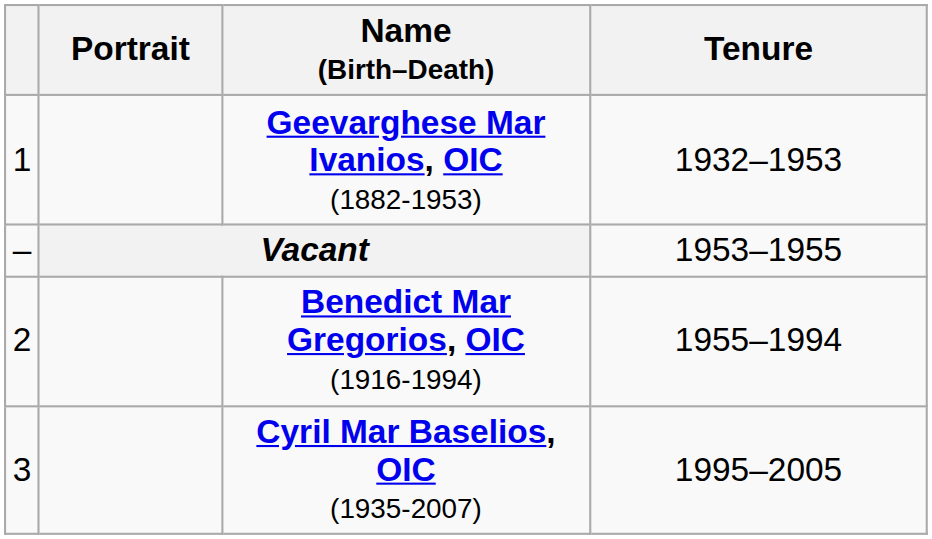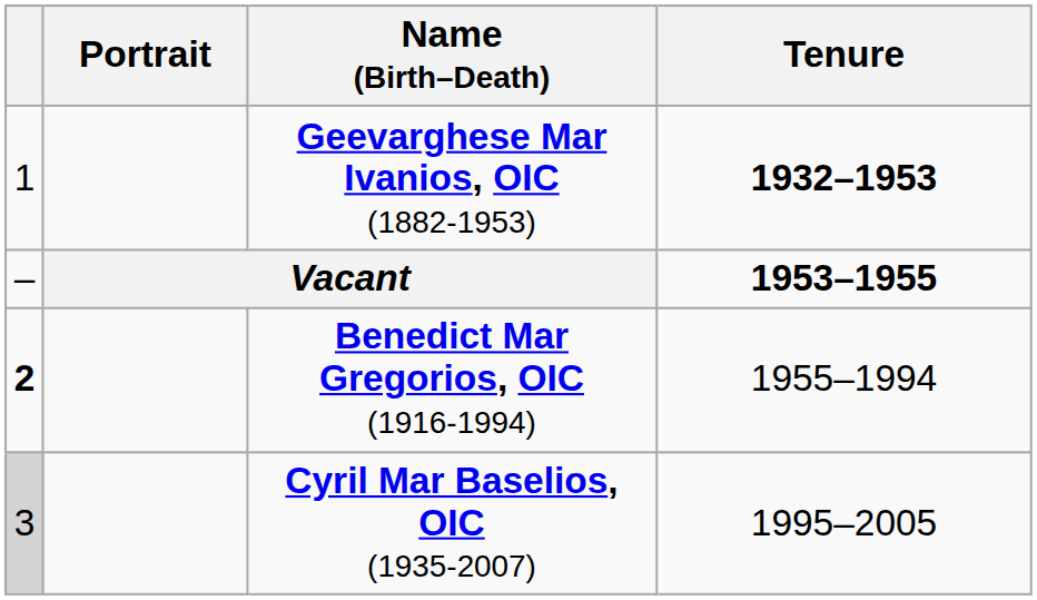 <table class="wikitable" style="text-align: center; width: 50%;">
 <tr>
 <th width="2%"></th>
 <th width="80px">Portrait</th>
 <th width="40%">Name<br><small>(Birth–Death)</small></th>
 <th>Tenure</th>
 </tr>
 <tr>
 <td>1</td>
 <td></td>
 <td><strong><a href='#'>Geevarghese Mar Ivanios</a>, <a href='#'>OIC</a></strong><br><small>(1882-1953)</small></td>
-<td>1932–1953</td>
+<td><strong>1932–1953</strong></td>
 </tr>
 <tr>
 <td>–</td>
 <th colspan="2"><em>Vacant</em></th>
-<td>1953–1955</td>
+<td><strong>1953–1955</strong></td>
 </tr>
 <tr>
-<td>2</td>
+<td><strong>2</strong></td>
 <td></td>
 <td><strong><a href='#'>Benedict Mar Gregorios</a>, <a href='#'>OIC</a></strong><br><small>(1916-1994)</small></td>
 <td>1955–1994</td>
 </tr>
 <tr>
-<td>3</td>
+<td style="background: lightgrey;">3</td>
 <td></td>
 <td><strong><a href='#'>Cyril Mar Baselios</a>, <a href='#'>OIC</a></strong><br><small>(1935-2007)</small></td>
 <td>1995–2005</td>
 </tr>
 </table>
